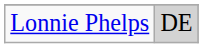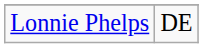 <table class="wikitable">
 <tr>
 </tr>
 <tr>
 <td><a href='#'>Lonnie Phelps</a></td>
-<td style="background: lightgrey;">DE</td>
+<td>DE</td>
 </tr>
 </table>
